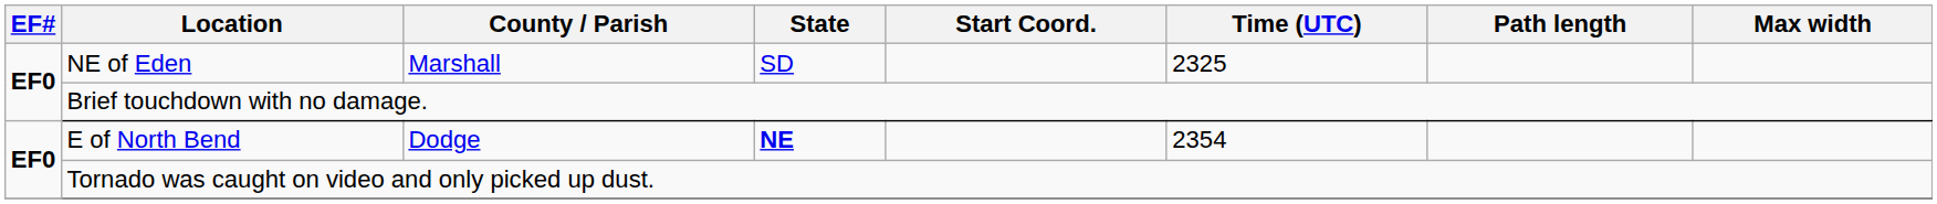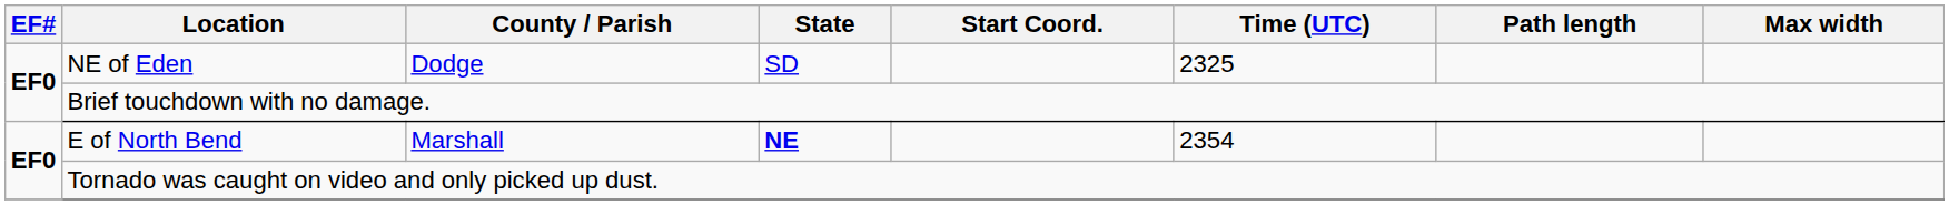 <table class="wikitable sortable" style="width:100%;">
 <tr>
 <th scope="col" width="2%" align="center"><a href='#'>EF#</a></th>
 <th scope="col" align="center" class="unsortable">Location</th>
 <th scope="col" align="center" class="unsortable">County / Parish</th>
 <th scope="col" align="center">State</th>
 <th scope="col" align="center" data-sort-type="number">Start Coord.</th>
 <th scope="col" align="center" data-sort-type="number">Time (<a href='#'>UTC</a>)</th>
 <th scope="col" align="center" data-sort-type="number">Path length</th>
 <th scope="col" align="center" data-sort-type="number">Max width</th>
 </tr>
 <tr>
 <td rowspan="2" align="center"><strong>EF0</strong></td>
 <td>NE of <a href='#'>Eden</a></td>
-<td><a href='#'>Marshall</a></td>
+<td><a href='#'>Dodge</a></td>
 <td><a href='#'>SD</a></td>
 <td></td>
 <td>2325</td>
 <td></td>
 <td></td>
 </tr>
 <tr class="expand-child">
 <td colspan="8" style=" border-bottom: 1px solid black;">Brief touchdown with no damage.</td>
 </tr>
 <tr>
 <td rowspan="2" align="center"><strong>EF0</strong></td>
 <td>E of <a href='#'>North Bend</a></td>
-<td><a href='#'>Dodge</a></td>
+<td><a href='#'>Marshall</a></td>
 <td><strong><a href='#'>NE</a></strong></td>
 <td></td>
 <td>2354</td>
 <td></td>
 <td></td>
 </tr>
 <tr class="expand-child">
 <td colspan="8" style=" border-bottom: 1px solid black;">Tornado was caught on video and only picked up dust.</td>
 </tr>
 <tr>
 </tr>
 </table>
